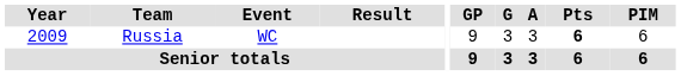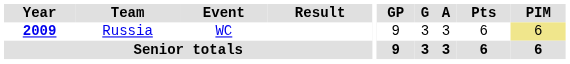 <table border="0" cellpadding="1" cellspacing="0" ID="Table3" style="text-align:center; width:40em">
 <tr ALIGN="center" bgcolor="#e0e0e0">
 <th>Year</th>
 <th>Team</th>
 <th>Event</th>
 <th>Result</th>
 <th rowspan="99" bgcolor="#ffffff"></th>
 <th>GP</th>
 <th>G</th>
 <th>A</th>
 <th>Pts</th>
 <th>PIM</th>
 </tr>
 <tr ALIGN="center">
-<td><a href='#'>2009</a></td>
+<td><strong><a href='#'>2009</a></strong></td>
 <td><a href='#'>Russia</a></td>
 <td><a href='#'>WC</a></td>
 <td></td>
 <td>9</td>
 <td>3</td>
 <td>3</td>
-<td><strong>6</strong></td>
 <td>6</td>
+<td style="background: khaki;">6</td>
 </tr>
 <tr bgcolor="#e0e0e0">
 <th colspan="4">Senior totals</th>
 <th>9</th>
 <th>3</th>
 <th>3</th>
 <th>6</th>
 <th>6</th>
 </tr>
 </table>
